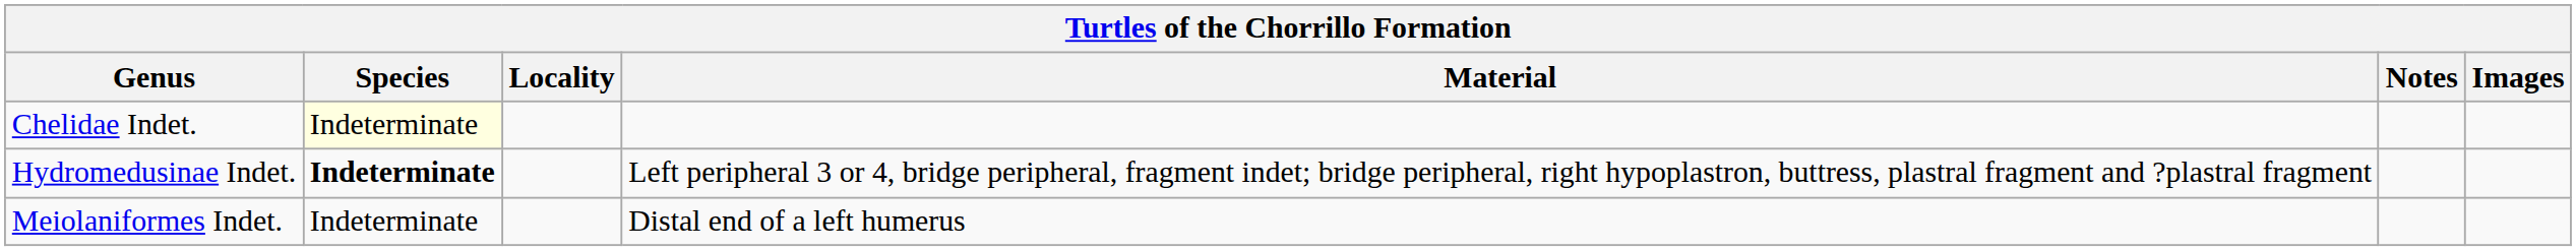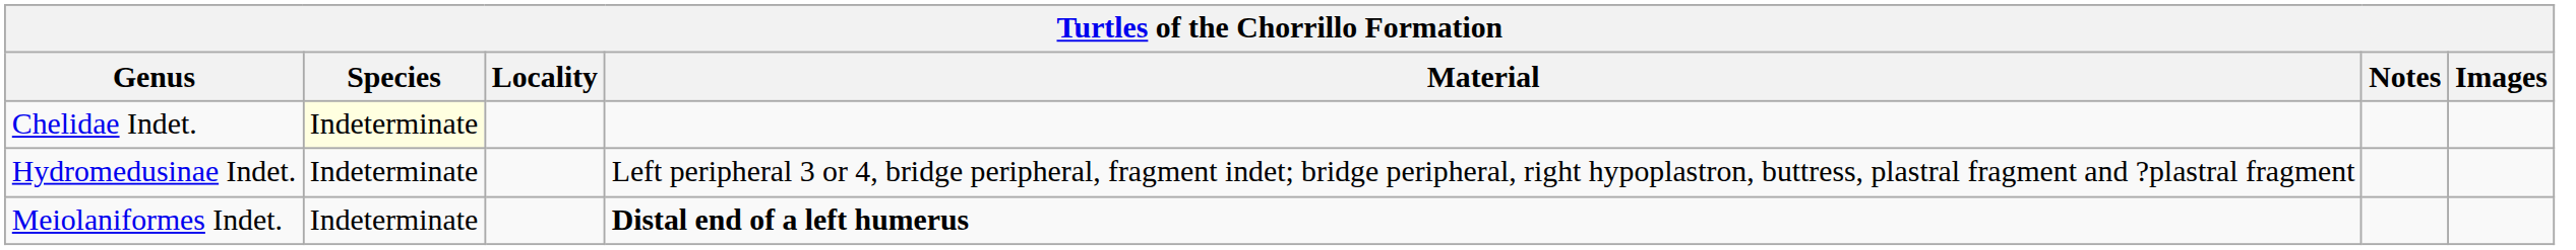 <table class="wikitable" align="center">
 <tr>
 <th colspan="7" align="center"><a href='#'>Turtles</a> of the Chorrillo Formation</th>
 </tr>
 <tr>
 <th>Genus</th>
 <th>Species</th>
 <th>Locality</th>
 <th>Material</th>
 <th>Notes</th>
 <th>Images</th>
 </tr>
 <tr>
 <td><a href='#'>Chelidae</a> Indet.</td>
 <td style="background: lightyellow;">Indeterminate</td>
 <td></td>
 <td></td>
 <td></td>
 <td></td>
 </tr>
 <tr>
 <td><a href='#'>Hydromedusinae</a> Indet.</td>
-<td><strong>Indeterminate</strong></td>
+<td>Indeterminate</td>
 <td></td>
 <td>Left peripheral 3 or 4, bridge peripheral, fragment indet; bridge peripheral, right hypoplastron, buttress, plastral fragment and ?plastral fragment</td>
 <td></td>
 <td></td>
 </tr>
 <tr>
 <td><a href='#'>Meiolaniformes</a> Indet.</td>
 <td>Indeterminate</td>
 <td></td>
-<td>Distal end of a left humerus</td>
+<td><strong>Distal end of a left humerus</strong></td>
 <td></td>
 <td></td>
 </tr>
 </table>
